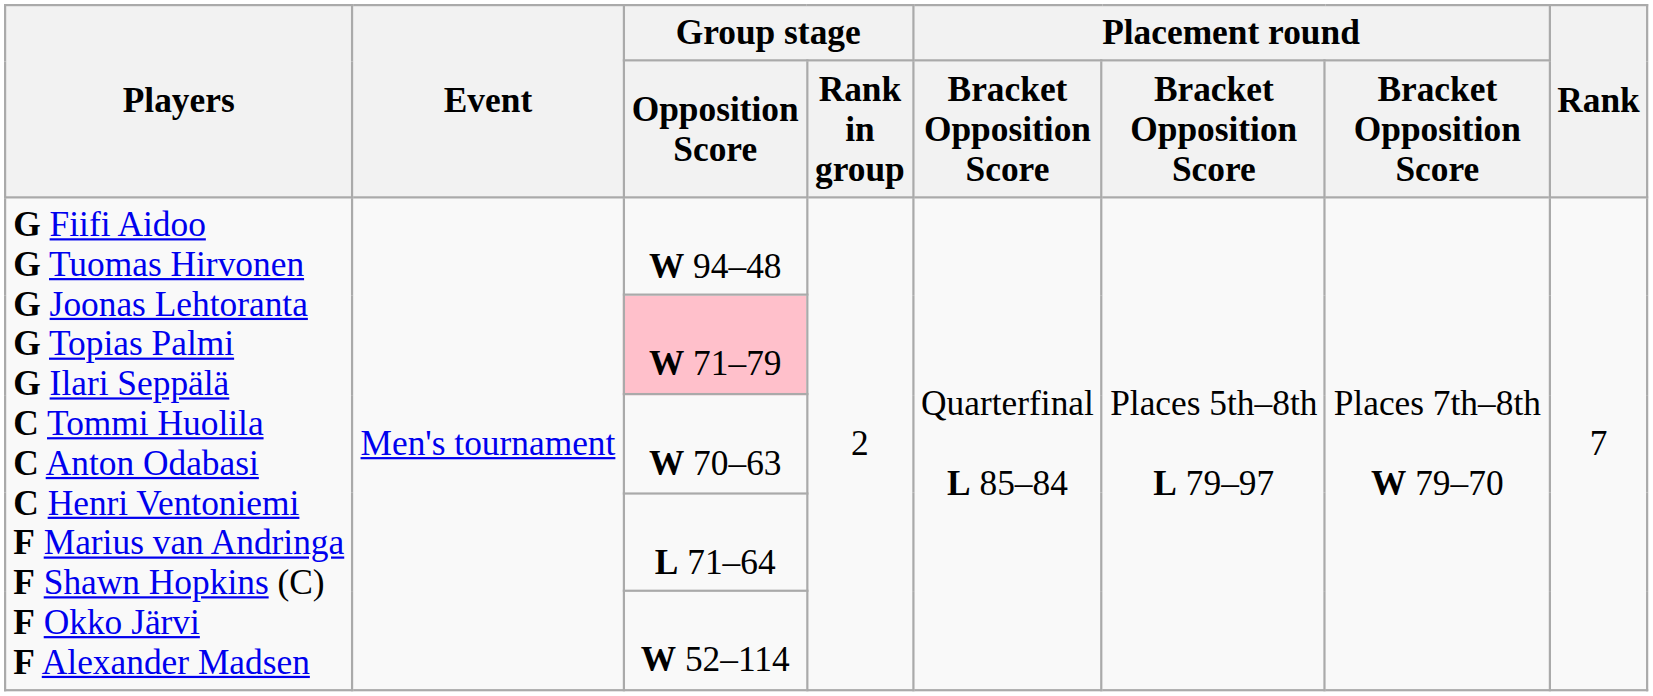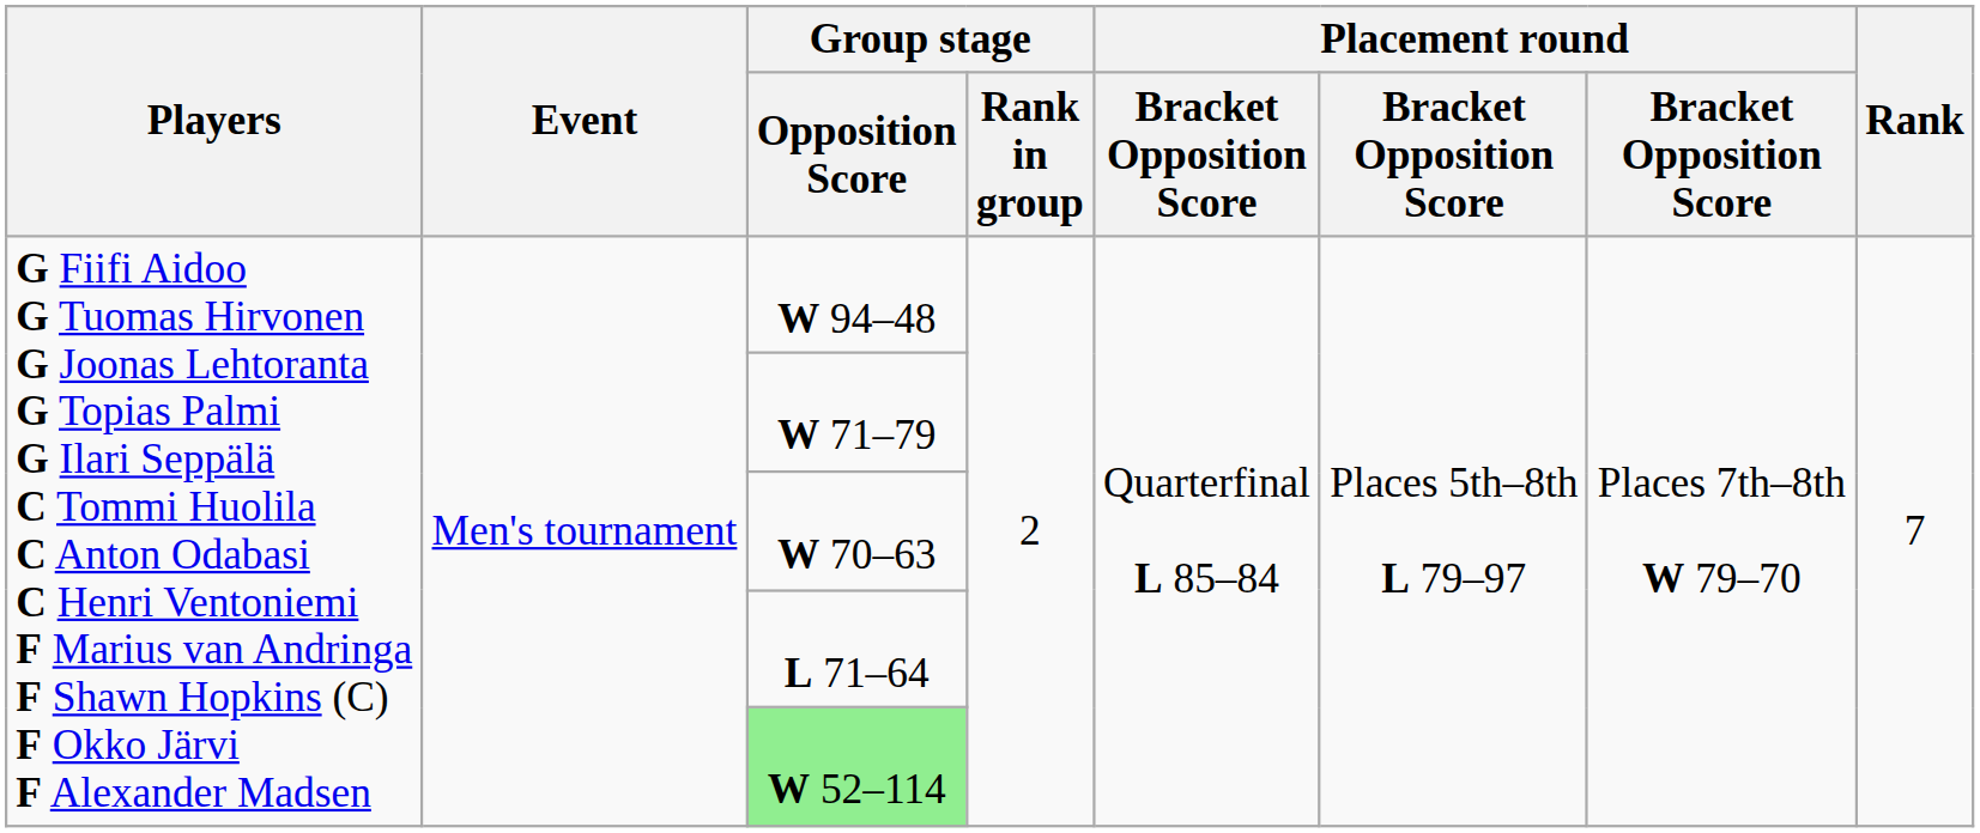 <table class=wikitable style="align:center; white-space:nowrap">
 <tr>
 <th rowspan=2>Players</th>
 <th rowspan=2>Event</th>
 <th colspan=2>Group stage</th>
 <th colspan=3>Placement round</th>
 <th rowspan=2>Rank</th>
 </tr>
 <tr>
 <th>Opposition<br>Score</th>
 <th>Rank<br>in<br>group</th>
 <th>Bracket<br>Opposition<br>Score</th>
 <th>Bracket<br>Opposition<br>Score</th>
 <th>Bracket<br>Opposition<br>Score</th>
 </tr>
 <tr align=center>
 <td align=left rowspan=5><strong>G</strong> <a href='#'>Fiifi Aidoo</a><br><strong>G</strong> <a href='#'>Tuomas Hirvonen</a><br><strong>G</strong> <a href='#'>Joonas Lehtoranta</a><br><strong>G</strong> <a href='#'>Topias Palmi</a><br><strong>G</strong> <a href='#'>Ilari Seppälä</a><br><strong>C</strong> <a href='#'>Tommi Huolila</a><br><strong>C</strong> <a href='#'>Anton Odabasi</a><br><strong>C</strong> <a href='#'>Henri Ventoniemi</a><br><strong>F</strong> <a href='#'>Marius van Andringa</a><br><strong>F</strong> <a href='#'>Shawn Hopkins</a> (C)<br><strong>F</strong> <a href='#'>Okko Järvi</a><br><strong>F</strong> <a href='#'>Alexander Madsen</a></td>
 <td align=left rowspan=5><a href='#'>Men's tournament</a></td>
 <td><br><strong>W</strong> 94–48</td>
 <td rowspan=5>2</td>
 <td rowspan=5>Quarterfinal<br><br><strong>L</strong> 85–84</td>
 <td rowspan=5>Places 5th–8th<br><br><strong>L</strong> 79–97</td>
 <td rowspan=5>Places 7th–8th<br><br><strong>W</strong> 79–70</td>
 <td rowspan=5>7</td>
 </tr>
 <tr align=center>
-<td style="background: pink;"><br><strong>W</strong> 71–79</td>
+<td><br><strong>W</strong> 71–79</td>
 </tr>
 <tr align=center>
 <td><br><strong>W</strong> 70–63</td>
 </tr>
 <tr align=center>
 <td><br><strong>L</strong> 71–64</td>
 </tr>
 <tr align=center>
-<td><br><strong>W</strong> 52–114</td>
+<td style="background: lightgreen;"><br><strong>W</strong> 52–114</td>
 </tr>
 </table>
